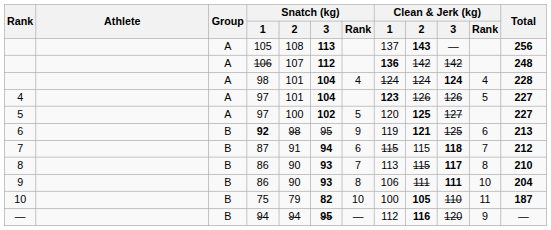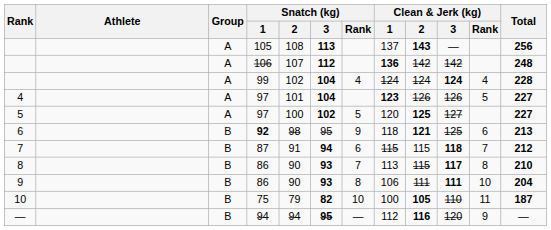 <table class = "wikitable" style="text-align:center;">
 <tr>
 <th rowspan=2 width=40>Rank</th>
 <th rowspan=2 width=250>Athlete</th>
 <th rowspan=2 width=50>Group</th>
 <th colspan=4>Snatch (kg)</th>
 <th colspan=4>Clean & Jerk (kg)</th>
 <th rowspan=2 width=60>Total</th>
 </tr>
 <tr>
 <th width=40>1</th>
 <th width=40>2</th>
 <th width=40>3</th>
 <th width=40>Rank</th>
 <th width=40>1</th>
 <th width=40>2</th>
 <th width=40>3</th>
 <th width=40>Rank</th>
 </tr>
 <tr>
 <td></td>
 <td align=left></td>
 <td>A</td>
 <td>105</td>
 <td>108</td>
 <td><strong>113</strong></td>
 <td></td>
 <td>137</td>
 <td><strong>143</strong></td>
 <td>—</td>
 <td></td>
 <td><strong>256</strong></td>
 </tr>
 <tr>
 <td></td>
 <td align=left></td>
 <td>A</td>
 <td><s>106</s></td>
 <td>107</td>
 <td><strong>112</strong></td>
 <td></td>
 <td><strong>136</strong></td>
 <td><s>142</s></td>
 <td><s>142</s></td>
 <td></td>
 <td><strong>248</strong></td>
 </tr>
 <tr>
 <td></td>
 <td align=left></td>
 <td>A</td>
-<td>98</td>
-<td>101</td>
+<td>99</td>
+<td>102</td>
 <td><strong>104</strong></td>
 <td>4</td>
 <td><s>124</s></td>
 <td><s>124</s></td>
 <td><strong>124</strong></td>
 <td>4</td>
 <td><strong>228</strong></td>
 </tr>
 <tr>
 <td>4</td>
 <td align=left></td>
 <td>A</td>
 <td>97</td>
 <td>101</td>
 <td><strong>104</strong></td>
 <td></td>
 <td><strong>123</strong></td>
 <td><s>126</s></td>
 <td><s>126</s></td>
 <td>5</td>
 <td><strong>227</strong></td>
 </tr>
 <tr>
 <td>5</td>
 <td align=left></td>
 <td>A</td>
 <td>97</td>
 <td>100</td>
 <td><strong>102</strong></td>
 <td>5</td>
 <td>120</td>
 <td><strong>125</strong></td>
 <td><s>127</s></td>
 <td></td>
 <td><strong>227</strong></td>
 </tr>
 <tr>
 <td>6</td>
 <td align=left></td>
 <td>B</td>
 <td><strong>92</strong></td>
 <td><s>98</s></td>
 <td><s>95</s></td>
 <td>9</td>
-<td>119</td>
+<td>118</td>
 <td><strong>121</strong></td>
 <td><s>125</s></td>
 <td>6</td>
 <td><strong>213</strong></td>
 </tr>
 <tr>
 <td>7</td>
 <td align=left></td>
 <td>B</td>
 <td>87</td>
 <td>91</td>
 <td><strong>94</strong></td>
 <td>6</td>
 <td><s>115</s></td>
 <td>115</td>
 <td><strong>118</strong></td>
 <td>7</td>
 <td><strong>212</strong></td>
 </tr>
 <tr>
 <td>8</td>
 <td align=left></td>
 <td>B</td>
 <td>86</td>
 <td>90</td>
 <td><strong>93</strong></td>
 <td>7</td>
 <td>113</td>
 <td><s>115</s></td>
 <td><strong>117</strong></td>
 <td>8</td>
 <td><strong>210</strong></td>
 </tr>
 <tr>
 <td>9</td>
 <td align=left></td>
 <td>B</td>
 <td>86</td>
 <td>90</td>
 <td><strong>93</strong></td>
 <td>8</td>
 <td>106</td>
 <td><s>111</s></td>
 <td><strong>111</strong></td>
 <td>10</td>
 <td><strong>204</strong></td>
 </tr>
 <tr>
 <td>10</td>
 <td align=left></td>
 <td>B</td>
 <td>75</td>
 <td>79</td>
 <td><strong>82</strong></td>
 <td>10</td>
 <td>100</td>
 <td><strong>105</strong></td>
 <td><s>110</s></td>
 <td>11</td>
 <td><strong>187</strong></td>
 </tr>
 <tr>
 <td>—</td>
 <td align=left></td>
 <td>B</td>
 <td><s>94</s></td>
 <td><s>94</s></td>
 <td><strong><s>95</s></strong></td>
 <td>—</td>
 <td>112</td>
 <td><strong>116</strong></td>
 <td><s>120</s></td>
 <td>9</td>
 <td>—</td>
 </tr>
 </table>
